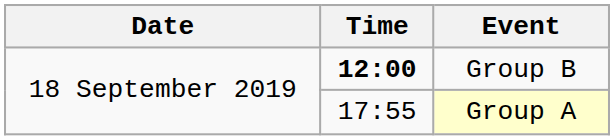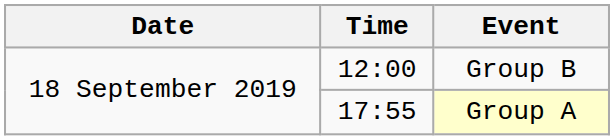 <table class = "wikitable" style="text-align:center;">
 <tr>
 <th width=150>Date</th>
 <th width=50>Time</th>
 <th width=80>Event</th>
 </tr>
 <tr>
 <td rowspan=2>18 September 2019</td>
-<td><strong>12:00</strong></td>
+<td>12:00</td>
 <td>Group B</td>
 </tr>
 <tr>
 <td>17:55</td>
 <td bgcolor=ffffcc>Group A</td>
 </tr>
 </table>
